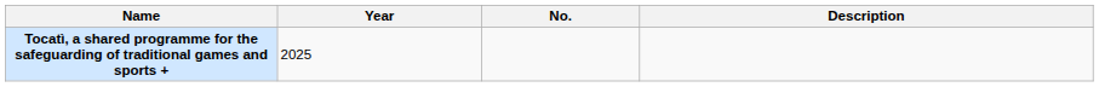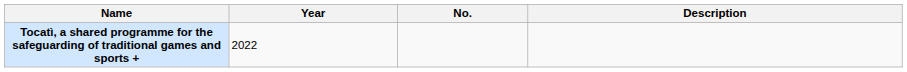 <table class="wikitable sortable plainrowheaders">
 <tr>
 <th style="width:25%">Name</th>
 <th>Year</th>
 <th>No.</th>
 <th class="unsortable">Description</th>
 </tr>
 <tr>
 <th scope="row" style="background:#D0E7FF;">Tocatì, a shared programme for the safeguarding of traditional games and sports +</th>
-<td>2025</td>
+<td>2022</td>
 <td></td>
 <td></td>
 </tr>
 </table>
